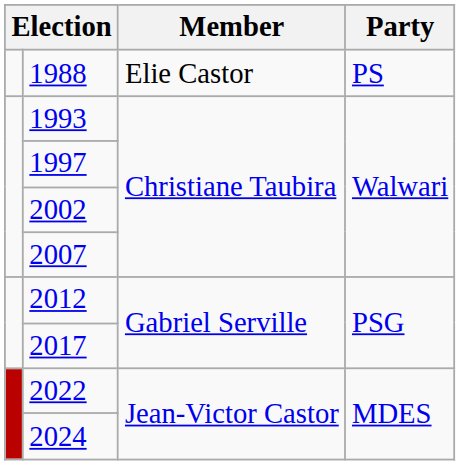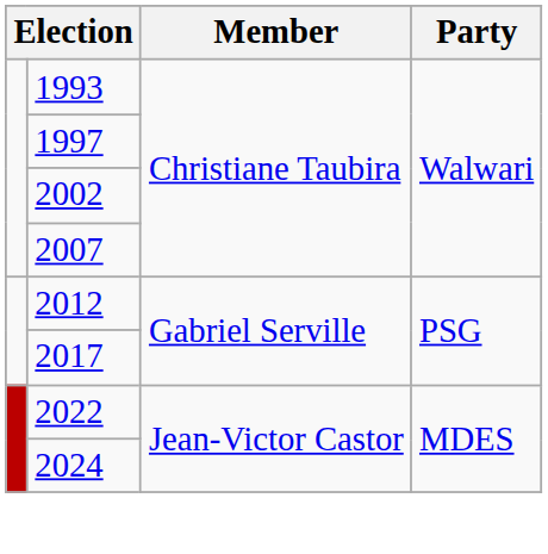 <table class="wikitable">
 <tr>
 <th colspan="2">Election</th>
 <th>Member</th>
 <th>Party</th>
-</tr>
-<tr>
-<td style="color:inherit;background-color: "></td>
-<td><a href='#'>1988</a></td>
-<td>Elie Castor</td>
-<td><a href='#'>PS</a></td>
 </tr>
 <tr>
 <td rowspan=4 style="background-color: "></td>
 <td><a href='#'>1993</a></td>
 <td rowspan=4><a href='#'>Christiane Taubira</a></td>
 <td rowspan=4><a href='#'>Walwari</a></td>
 </tr>
 <tr>
 <td><a href='#'>1997</a></td>
 </tr>
 <tr>
 <td><a href='#'>2002</a></td>
 </tr>
 <tr>
 <td><a href='#'>2007</a></td>
 </tr>
 <tr>
 <td rowspan=2 style="background-color: "></td>
 <td><a href='#'>2012</a></td>
 <td rowspan=2><a href='#'>Gabriel Serville</a></td>
 <td rowspan=2><a href='#'>PSG</a></td>
 </tr>
 <tr>
 <td><a href='#'>2017</a></td>
 </tr>
 <tr>
 <td rowspan=2 style="background-color:#bb0000"></td>
 <td><a href='#'>2022</a></td>
 <td rowspan=2><a href='#'>Jean-Victor Castor</a></td>
 <td rowspan=2><a href='#'>MDES</a></td>
 </tr>
 <tr>
 <td><a href='#'>2024</a></td>
 </tr>
 </table>
